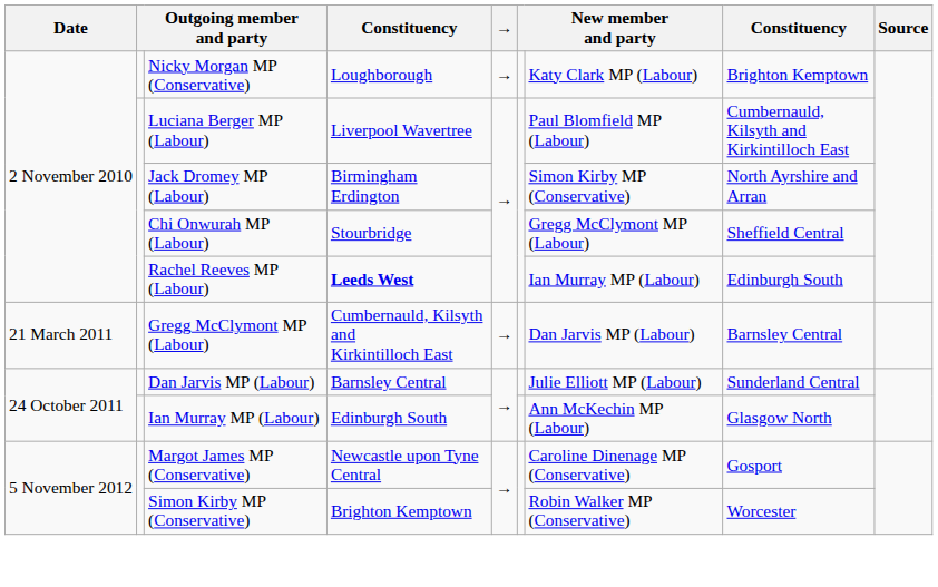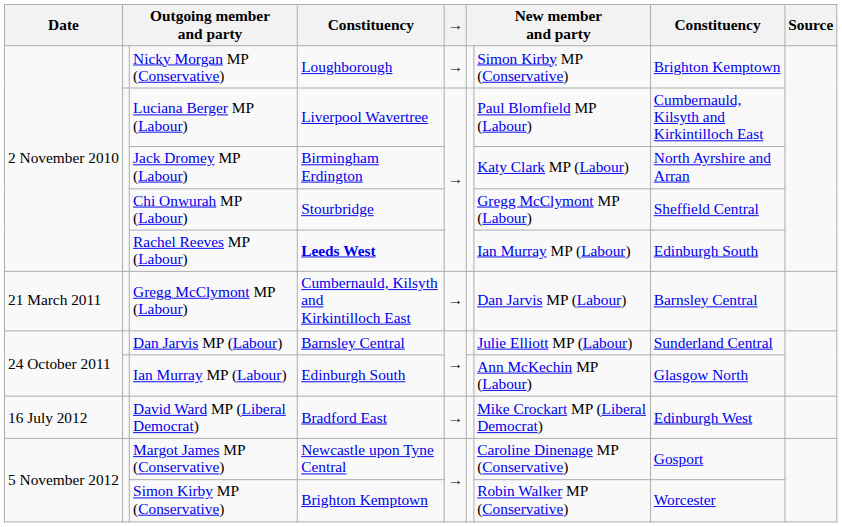 <table class="wikitable">
 <tr>
 <th>Date</th>
 <th colspan="2">Outgoing member<br>and party</th>
 <th>Constituency</th>
 <th>→</th>
 <th colspan="2" valign="top">New member<br>and party</th>
 <th>Constituency</th>
 <th>Source</th>
 </tr>
 <tr>
 <td rowspan=5 nowrap>2 November 2010</td>
 <td style="color:inherit;background:"></td>
 <td><a href='#'>Nicky Morgan</a> MP (<a href='#'>Conservative</a>)</td>
 <td><a href='#'>Loughborough</a></td>
 <td>→</td>
 <td style="color:inherit;background:"></td>
-<td><a href='#'>Katy Clark</a> MP (<a href='#'>Labour</a>)</td>
+<td><a href='#'>Simon Kirby</a> MP (<a href='#'>Conservative</a>)</td>
 <td><a href='#'>Brighton Kemptown</a></td>
 <td rowspan=5></td>
 </tr>
 <tr>
 <td rowspan=4 style="color:inherit;background:"></td>
 <td><a href='#'>Luciana Berger</a> MP (<a href='#'>Labour</a>)</td>
 <td><a href='#'>Liverpool Wavertree</a></td>
 <td rowspan=4>→</td>
 <td rowspan=4 style="color:inherit;background:"></td>
 <td><a href='#'>Paul Blomfield</a> MP (<a href='#'>Labour</a>)</td>
 <td><a href='#'>Cumbernauld, Kilsyth and<br>Kirkintilloch East</a></td>
 </tr>
 <tr>
 <td><a href='#'>Jack Dromey</a> MP (<a href='#'>Labour</a>)</td>
 <td><a href='#'>Birmingham Erdington</a></td>
-<td><a href='#'>Simon Kirby</a> MP (<a href='#'>Conservative</a>)</td>
+<td><a href='#'>Katy Clark</a> MP (<a href='#'>Labour</a>)</td>
 <td><a href='#'>North Ayrshire and Arran</a></td>
 </tr>
 <tr>
 <td><a href='#'>Chi Onwurah</a> MP (<a href='#'>Labour</a>)</td>
 <td><a href='#'>Stourbridge</a></td>
 <td><a href='#'>Gregg McClymont</a> MP (<a href='#'>Labour</a>)</td>
 <td><a href='#'>Sheffield Central</a></td>
 </tr>
 <tr>
 <td><a href='#'>Rachel Reeves</a> MP (<a href='#'>Labour</a>)</td>
 <td><strong><a href='#'>Leeds West</a></strong></td>
 <td><a href='#'>Ian Murray</a> MP (<a href='#'>Labour</a>)</td>
 <td><a href='#'>Edinburgh South</a></td>
 </tr>
 <tr>
 <td>21 March 2011</td>
 <td style="color:inherit;background:"></td>
 <td><a href='#'>Gregg McClymont</a> MP (<a href='#'>Labour</a>)</td>
 <td><a href='#'>Cumbernauld, Kilsyth and<br>Kirkintilloch East</a></td>
 <td>→</td>
 <td style="color:inherit;background:"></td>
 <td><a href='#'>Dan Jarvis</a> MP (<a href='#'>Labour</a>)</td>
 <td><a href='#'>Barnsley Central</a></td>
 <td></td>
 </tr>
 <tr>
 <td rowspan=2>24 October 2011</td>
 <td style="color:inherit;background:"></td>
 <td><a href='#'>Dan Jarvis</a> MP (<a href='#'>Labour</a>)</td>
 <td><a href='#'>Barnsley Central</a></td>
 <td rowspan=2>→</td>
 <td style="color:inherit;background:"></td>
 <td><a href='#'>Julie Elliott</a> MP (<a href='#'>Labour</a>)</td>
 <td><a href='#'>Sunderland Central</a></td>
 <td rowspan=2></td>
 </tr>
 <tr>
 <td style="color:inherit;background:"></td>
 <td><a href='#'>Ian Murray</a> MP (<a href='#'>Labour</a>)</td>
 <td><a href='#'>Edinburgh South</a></td>
 <td style="color:inherit;background:"></td>
 <td><a href='#'>Ann McKechin</a> MP (<a href='#'>Labour</a>)</td>
 <td><a href='#'>Glasgow North</a></td>
 </tr>
 <tr>
+<td>16 July 2012</td>
+<td style="color:inherit;background:"></td>
+<td><a href='#'>David Ward</a> MP (<a href='#'>Liberal Democrat</a>)</td>
+<td><a href='#'>Bradford East</a></td>
+<td>→</td>
+<td style="color:inherit;background:"></td>
+<td><a href='#'>Mike Crockart</a> MP (<a href='#'>Liberal Democrat</a>)</td>
+<td><a href='#'>Edinburgh West</a></td>
+<td></td>
+</tr>
+<tr>
 <td rowspan=2>5 November 2012</td>
 <td rowspan=2 style="color:inherit;background:"></td>
 <td><a href='#'>Margot James</a> MP (<a href='#'>Conservative</a>)</td>
 <td><a href='#'>Newcastle upon Tyne Central</a></td>
 <td rowspan=2>→</td>
 <td rowspan=2 style="color:inherit;background:"></td>
 <td><a href='#'>Caroline Dinenage</a> MP (<a href='#'>Conservative</a>)</td>
 <td><a href='#'>Gosport</a></td>
 <td rowspan=2></td>
 </tr>
 <tr>
 <td><a href='#'>Simon Kirby</a> MP (<a href='#'>Conservative</a>)</td>
 <td><a href='#'>Brighton Kemptown</a></td>
 <td><a href='#'>Robin Walker</a> MP (<a href='#'>Conservative</a>)</td>
 <td><a href='#'>Worcester</a></td>
 </tr>
 </table>
